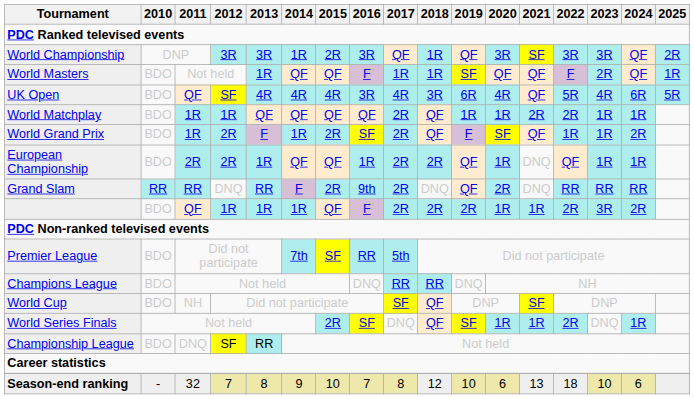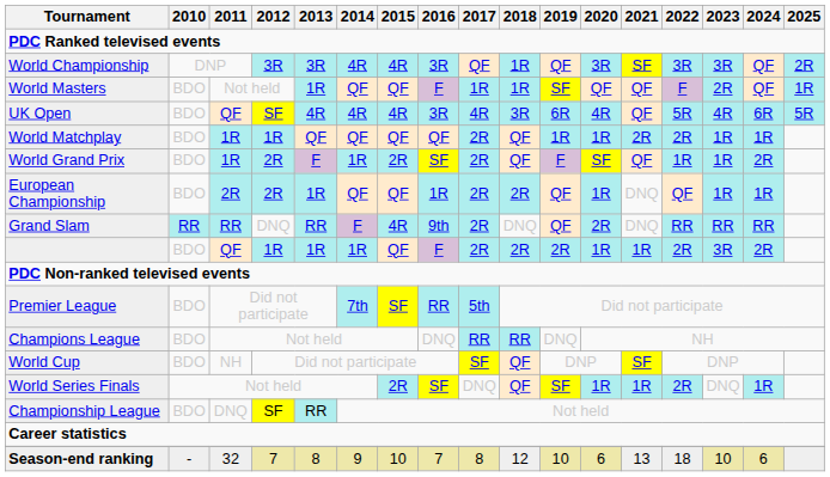 <table class="wikitable">
 <tr>
 <th>Tournament</th>
 <th>2010</th>
 <th>2011</th>
 <th>2012</th>
 <th>2013</th>
 <th>2014</th>
 <th>2015</th>
 <th>2016</th>
 <th>2017</th>
 <th>2018</th>
 <th>2019</th>
 <th>2020</th>
 <th>2021</th>
 <th>2022</th>
 <th>2023</th>
 <th>2024</th>
 <th>2025</th>
 </tr>
 <tr>
 <td colspan="26" align="left"><strong><a href='#'>PDC</a> Ranked televised events</strong></td>
 </tr>
 <tr>
 <td style="background:#efefef;"><a href='#'>World Championship</a></td>
 <td colspan="2"  style="text-align:center; color:#ccc;">DNP</td>
 <td style="text-align:center; background:#afeeee;"><a href='#'>3R</a></td>
 <td style="text-align:center; background:#afeeee;"><a href='#'>3R</a></td>
-<td style="text-align:center; background:#afeeee;"><a href='#'>1R</a></td>
-<td style="text-align:center; background:#afeeee;"><a href='#'>2R</a></td>
+<td style="text-align:center; background:#afeeee;"><a href='#'>4R</a></td>
+<td style="text-align:center; background:#afeeee;"><a href='#'>4R</a></td>
 <td style="text-align:center; background:#afeeee;"><a href='#'>3R</a></td>
 <td style="text-align:center; background:#ffebcd;"><a href='#'>QF</a></td>
 <td style="text-align:center; background:#afeeee;"><a href='#'>1R</a></td>
 <td style="text-align:center; background:#ffebcd;"><a href='#'>QF</a></td>
 <td style="text-align:center; background:#afeeee;"><a href='#'>3R</a></td>
 <td style="text-align:center; background:yellow;"><a href='#'>SF</a></td>
 <td style="text-align:center; background:#afeeee;"><a href='#'>3R</a></td>
 <td style="text-align:center; background:#afeeee;"><a href='#'>3R</a></td>
 <td style="text-align:center; background:#ffebcd;"><a href='#'>QF</a></td>
 <td style="text-align:center; background:#afeeee;"><a href='#'>2R</a></td>
 </tr>
 <tr>
 <td style="background:#efefef;"><a href='#'>World Masters</a></td>
 <td style="text-align:center; color:#ccc;">BDO</td>
 <td colspan="2" style="text-align:center; color:#ccc;">Not held</td>
 <td style="text-align:center; background:#afeeee;"><a href='#'>1R</a></td>
 <td style="text-align:center; background:#ffebcd;"><a href='#'>QF</a></td>
 <td style="text-align:center; background:#ffebcd;"><a href='#'>QF</a></td>
 <td style="text-align:center; background:thistle;"><a href='#'>F</a></td>
 <td style="text-align:center; background:#afeeee;"><a href='#'>1R</a></td>
 <td style="text-align:center; background:#afeeee;"><a href='#'>1R</a></td>
 <td style="text-align:center; background:yellow;"><a href='#'>SF</a></td>
 <td style="text-align:center; background:#ffebcd;"><a href='#'>QF</a></td>
 <td style="text-align:center; background:#ffebcd;"><a href='#'>QF</a></td>
 <td style="text-align:center; background:thistle;"><a href='#'>F</a></td>
 <td style="text-align:center; background:#afeeee;"><a href='#'>2R</a></td>
 <td style="text-align:center; background:#ffebcd;"><a href='#'>QF</a></td>
 <td style="text-align:center; background:#afeeee;"><a href='#'>1R</a></td>
 </tr>
 <tr>
 <td style="background:#efefef;"><a href='#'>UK Open</a></td>
 <td style="text-align:center; color:#ccc;">BDO</td>
 <td style="text-align:center; background:#ffebcd;"><a href='#'>QF</a></td>
 <td style="text-align:center; background:yellow;"><a href='#'>SF</a></td>
 <td style="text-align:center; background:#afeeee;"><a href='#'>4R</a></td>
 <td style="text-align:center; background:#afeeee;"><a href='#'>4R</a></td>
 <td style="text-align:center; background:#afeeee;"><a href='#'>4R</a></td>
 <td style="text-align:center; background:#afeeee;"><a href='#'>3R</a></td>
 <td style="text-align:center; background:#afeeee;"><a href='#'>4R</a></td>
 <td style="text-align:center; background:#afeeee;"><a href='#'>3R</a></td>
 <td style="text-align:center; background:#afeeee;"><a href='#'>6R</a></td>
 <td style="text-align:center; background:#afeeee;"><a href='#'>4R</a></td>
 <td style="text-align:center; background:#ffebcd;"><a href='#'>QF</a></td>
 <td style="text-align:center; background:#afeeee;"><a href='#'>5R</a></td>
 <td style="text-align:center; background:#afeeee;"><a href='#'>4R</a></td>
 <td style="text-align:center; background:#afeeee;"><a href='#'>6R</a></td>
 <td style="text-align:center; background:#afeeee;"><a href='#'>5R</a></td>
 </tr>
 <tr>
 <td style="background:#efefef;"><a href='#'>World Matchplay</a></td>
 <td style="text-align:center; color:#ccc;">BDO</td>
 <td style="text-align:center; background:#afeeee;"><a href='#'>1R</a></td>
 <td style="text-align:center; background:#afeeee;"><a href='#'>1R</a></td>
 <td style="text-align:center; background:#ffebcd;"><a href='#'>QF</a></td>
 <td style="text-align:center; background:#ffebcd;"><a href='#'>QF</a></td>
 <td style="text-align:center; background:#ffebcd;"><a href='#'>QF</a></td>
 <td style="text-align:center; background:#ffebcd;"><a href='#'>QF</a></td>
 <td style="text-align:center; background:#afeeee;"><a href='#'>2R</a></td>
 <td style="text-align:center; background:#ffebcd;"><a href='#'>QF</a></td>
 <td style="text-align:center; background:#afeeee;"><a href='#'>1R</a></td>
 <td style="text-align:center; background:#afeeee;"><a href='#'>1R</a></td>
 <td style="text-align:center; background:#afeeee;"><a href='#'>2R</a></td>
 <td style="text-align:center; background:#afeeee;"><a href='#'>2R</a></td>
 <td style="text-align:center; background:#afeeee;"><a href='#'>1R</a></td>
 <td style="text-align:center; background:#afeeee;"><a href='#'>1R</a></td>
 <td></td>
 </tr>
 <tr>
 <td style="background:#efefef;"><a href='#'>World Grand Prix</a></td>
 <td style="text-align:center; color:#ccc;">BDO</td>
 <td style="text-align:center; background:#afeeee;"><a href='#'>1R</a></td>
 <td style="text-align:center; background:#afeeee;"><a href='#'>2R</a></td>
 <td style="text-align:center; background:thistle;"><a href='#'>F</a></td>
 <td style="text-align:center; background:#afeeee;"><a href='#'>1R</a></td>
 <td style="text-align:center; background:#afeeee;"><a href='#'>2R</a></td>
 <td style="text-align:center; background:yellow;"><a href='#'>SF</a></td>
 <td style="text-align:center; background:#afeeee;"><a href='#'>2R</a></td>
 <td style="text-align:center; background:#ffebcd;"><a href='#'>QF</a></td>
 <td style="text-align:center; background:thistle;"><a href='#'>F</a></td>
 <td style="text-align:center; background:yellow;"><a href='#'>SF</a></td>
 <td style="text-align:center; background:#ffebcd;"><a href='#'>QF</a></td>
 <td style="text-align:center; background:#afeeee;"><a href='#'>1R</a></td>
 <td style="text-align:center; background:#afeeee;"><a href='#'>1R</a></td>
 <td style="text-align:center; background:#afeeee;"><a href='#'>2R</a></td>
 <td></td>
 </tr>
 <tr>
 <td style="background:#efefef;"><a href='#'>European Championship</a></td>
 <td style="text-align:center; color:#ccc;">BDO</td>
 <td style="text-align:center; background:#afeeee;"><a href='#'>2R</a></td>
 <td style="text-align:center; background:#afeeee;"><a href='#'>2R</a></td>
 <td style="text-align:center; background:#afeeee;"><a href='#'>1R</a></td>
 <td style="text-align:center; background:#ffebcd;"><a href='#'>QF</a></td>
 <td style="text-align:center; background:#ffebcd;"><a href='#'>QF</a></td>
 <td style="text-align:center; background:#afeeee;"><a href='#'>1R</a></td>
 <td style="text-align:center; background:#afeeee;"><a href='#'>2R</a></td>
 <td style="text-align:center; background:#afeeee;"><a href='#'>2R</a></td>
 <td style="text-align:center; background:#ffebcd;"><a href='#'>QF</a></td>
 <td style="text-align:center; background:#afeeee;"><a href='#'>1R</a></td>
 <td style="text-align:center; color:#ccc;">DNQ</td>
 <td style="text-align:center; background:#ffebcd;"><a href='#'>QF</a></td>
 <td style="text-align:center; background:#afeeee;"><a href='#'>1R</a></td>
 <td style="text-align:center; background:#afeeee;"><a href='#'>1R</a></td>
 <td></td>
 </tr>
 <tr>
 <td style="background:#efefef;"><a href='#'>Grand Slam</a></td>
 <td style="text-align:center; background:#afeeee;"><a href='#'>RR</a></td>
 <td style="text-align:center; background:#afeeee;"><a href='#'>RR</a></td>
 <td style="text-align:center; color:#ccc;">DNQ</td>
 <td style="text-align:center; background:#afeeee;"><a href='#'>RR</a></td>
 <td style="text-align:center; background:thistle;"><a href='#'>F</a></td>
-<td style="text-align:center; background:#afeeee;"><a href='#'>2R</a></td>
+<td style="text-align:center; background:#afeeee;"><a href='#'>4R</a></td>
 <td style="text-align:center; background:#afeeee;"><a href='#'>9th</a></td>
 <td style="text-align:center; background:#afeeee;"><a href='#'>2R</a></td>
 <td style="text-align:center; color:#ccc;">DNQ</td>
 <td style="text-align:center; background:#ffebcd;"><a href='#'>QF</a></td>
 <td style="text-align:center; background:#afeeee;"><a href='#'>2R</a></td>
 <td style="text-align:center; color:#ccc;">DNQ</td>
 <td style="text-align:center; background:#afeeee;"><a href='#'>RR</a></td>
 <td style="text-align:center; background:#afeeee;"><a href='#'>RR</a></td>
 <td style="text-align:center; background:#afeeee;"><a href='#'>RR</a></td>
 <td></td>
 </tr>
 <tr>
 <td style="background:#efefef;"></td>
 <td style="text-align:center; color:#ccc;">BDO</td>
 <td style="text-align:center; background:#ffebcd;"><a href='#'>QF</a></td>
 <td style="text-align:center; background:#afeeee;"><a href='#'>1R</a></td>
 <td style="text-align:center; background:#afeeee;"><a href='#'>1R</a></td>
 <td style="text-align:center; background:#afeeee;"><a href='#'>1R</a></td>
 <td style="text-align:center; background:#ffebcd;"><a href='#'>QF</a></td>
 <td style="text-align:center; background:thistle;"><a href='#'>F</a></td>
 <td style="text-align:center; background:#afeeee;"><a href='#'>2R</a></td>
 <td style="text-align:center; background:#afeeee;"><a href='#'>2R</a></td>
 <td style="text-align:center; background:#afeeee;"><a href='#'>2R</a></td>
 <td style="text-align:center; background:#afeeee;"><a href='#'>1R</a></td>
 <td style="text-align:center; background:#afeeee;"><a href='#'>1R</a></td>
 <td style="text-align:center; background:#afeeee;"><a href='#'>2R</a></td>
 <td style="text-align:center; background:#afeeee;"><a href='#'>3R</a></td>
 <td style="text-align:center; background:#afeeee;"><a href='#'>2R</a></td>
 <td></td>
 </tr>
 <tr>
 <td colspan="26" align="left"><strong><a href='#'>PDC</a> Non-ranked televised events</strong></td>
 </tr>
 <tr>
 <td style="background:#efefef;"><a href='#'>Premier League</a></td>
 <td style="text-align:center; color:#ccc;">BDO</td>
 <td colspan="3" style="text-align:center; color:#ccc;">Did not participate</td>
 <td style="text-align:center; background:#afeeee;"><a href='#'>7th</a></td>
 <td style="text-align:center; background:yellow;"><a href='#'>SF</a></td>
 <td style="text-align:center; background:#afeeee;"><a href='#'>RR</a></td>
 <td style="text-align:center; background:#afeeee;"><a href='#'>5th</a></td>
 <td colspan="8" style="text-align:center; color:#ccc;">Did not participate</td>
 </tr>
 <tr>
 <td style="background:#efefef;"><a href='#'>Champions League</a></td>
 <td style="text-align:center; color:#ccc;">BDO</td>
 <td colspan="5" style="text-align:center; color:#ccc;">Not held</td>
 <td style="text-align:center; color:#ccc;">DNQ</td>
 <td style="text-align:center; background:#afeeee;"><a href='#'>RR</a></td>
 <td style="text-align:center; background:#afeeee;"><a href='#'>RR</a></td>
 <td style="text-align:center; color:#ccc;">DNQ</td>
 <td colspan="6" style="text-align:center; color:#ccc;">NH</td>
 </tr>
 <tr>
 <td style="background:#efefef;"><a href='#'>World Cup</a></td>
 <td style="text-align:center; color:#ccc;">BDO</td>
 <td style="text-align:center; color:#ccc;">NH</td>
 <td colspan="5" style="text-align:center; color:#ccc;">Did not participate</td>
 <td style="text-align:center; background:yellow;"><a href='#'>SF</a></td>
 <td style="text-align:center; background:#ffebcd;"><a href='#'>QF</a></td>
 <td colspan="2" style="text-align:center; color:#ccc;">DNP</td>
 <td style="text-align:center; background:yellow;"><a href='#'>SF</a></td>
 <td colspan="3" style="text-align:center; color:#ccc;">DNP</td>
 <td></td>
 </tr>
 <tr>
 <td style="background:#efefef;"><a href='#'>World Series Finals</a></td>
 <td colspan="5" style="text-align:center; color:#ccc;">Not held</td>
 <td style="text-align:center; background:#afeeee;"><a href='#'>2R</a></td>
 <td style="text-align:center; background:yellow;"><a href='#'>SF</a></td>
 <td style="text-align:center; color:#ccc;">DNQ</td>
 <td style="text-align:center; background:#ffebcd;"><a href='#'>QF</a></td>
 <td style="text-align:center; background:yellow;"><a href='#'>SF</a></td>
 <td style="text-align:center; background:#afeeee;"><a href='#'>1R</a></td>
 <td style="text-align:center; background:#afeeee;"><a href='#'>1R</a></td>
 <td style="text-align:center; background:#afeeee;"><a href='#'>2R</a></td>
 <td style="text-align:center; color:#ccc;">DNQ</td>
 <td style="text-align:center; background:#afeeee;"><a href='#'>1R</a></td>
 <td></td>
 </tr>
 <tr>
 <td style="background:#efefef;"><a href='#'>Championship League</a></td>
 <td style="text-align:center; color:#ccc;">BDO</td>
 <td style="text-align:center; color:#ccc;">DNQ</td>
 <td style="text-align:center; background:yellow;">SF</td>
 <td style="text-align:center; background:#afeeee;">RR</td>
 <td colspan="12" style="text-align:center; color:#ccc;">Not held</td>
 </tr>
 <tr>
 <td colspan="25" align="left"><strong>Career statistics</strong></td>
 </tr>
 <tr>
 </tr>
 <tr bgcolor="efefef">
 <td align="left"><strong>Season-end ranking</strong></td>
 <td style="text-align:center;">-</td>
 <td style="text-align:center;">32</td>
 <td style="text-align:center; background:#eee8aa;">7</td>
 <td style="text-align:center; background:#eee8aa;">8</td>
 <td style="text-align:center; background:#eee8aa;">9</td>
 <td style="text-align:center; background:#eee8aa;">10</td>
 <td style="text-align:center; background:#eee8aa;">7</td>
 <td style="text-align:center; background:#eee8aa;">8</td>
 <td style="text-align:center;">12</td>
 <td style="text-align:center; background:#eee8aa;">10</td>
 <td style="text-align:center; background:#eee8aa;">6</td>
 <td style="text-align:center;">13</td>
 <td style="text-align:center;">18</td>
 <td style="text-align:center; background:#eee8aa;">10</td>
 <td style="text-align:center; background:#eee8aa;">6</td>
 <td></td>
 </tr>
 </table>
